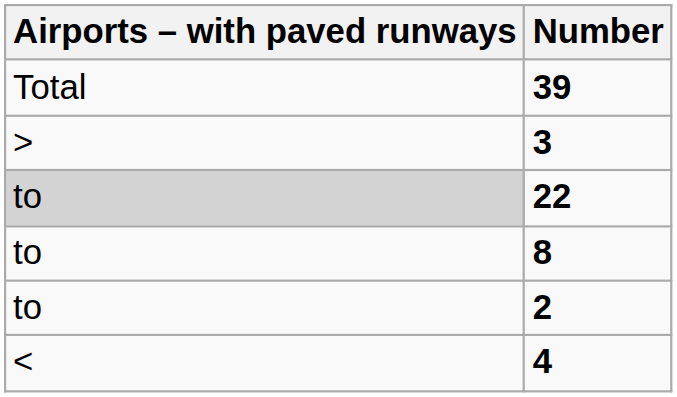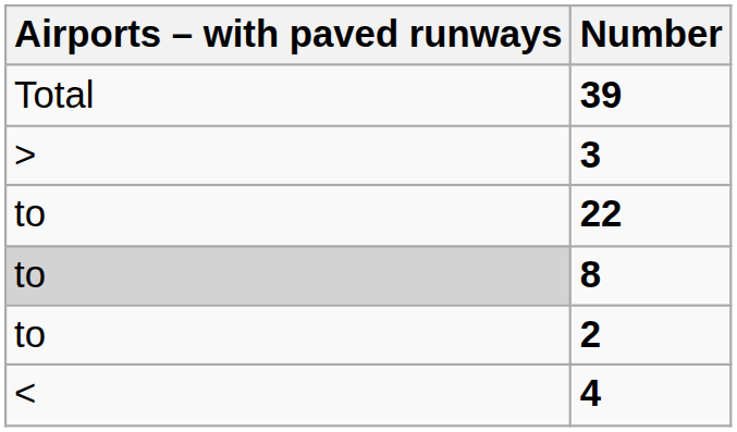 <table class="wikitable">
 <tr>
 <th>Airports – with paved runways</th>
 <th>Number</th>
 </tr>
 <tr>
 <td>Total</td>
 <td><strong>39</strong></td>
 </tr>
 <tr>
 <td>> </td>
 <td><strong>3</strong></td>
 </tr>
 <tr>
-<td style="background: lightgrey;"> to </td>
+<td> to </td>
 <td><strong> 22</strong></td>
 </tr>
 <tr>
-<td> to </td>
+<td style="background: lightgrey;"> to </td>
 <td><strong>8</strong></td>
 </tr>
 <tr>
 <td> to </td>
 <td><strong>2</strong></td>
 </tr>
 <tr>
 <td>< </td>
 <td><strong>4</strong></td>
 </tr>
 </table>
